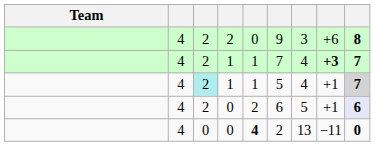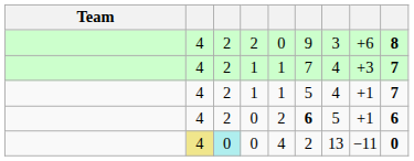 <table class="wikitable" style="text-align: center;">
 <tr>
 <th width="175">Team</th>
 <th width="20"></th>
 <th width="20"></th>
 <th width="20"></th>
 <th width="20"></th>
 <th width="20"></th>
 <th width="20"></th>
 <th width="20"></th>
 <th width="20"><strong></strong></th>
 </tr>
 <tr bgcolor=#ccffcc>
 <td align=left></td>
 <td>4</td>
 <td>2</td>
 <td>2</td>
 <td>0</td>
 <td>9</td>
 <td>3</td>
 <td>+6</td>
 <td><strong>8</strong></td>
 </tr>
 <tr bgcolor=#ccffcc>
 <td align=left></td>
 <td>4</td>
 <td>2</td>
 <td>1</td>
 <td>1</td>
 <td>7</td>
 <td>4</td>
-<td><strong>+3</strong></td>
+<td>+3</td>
 <td><strong>7</strong></td>
 </tr>
 <tr>
 <td align=left></td>
 <td>4</td>
-<td style="background: paleturquoise;">2</td>
+<td>2</td>
 <td>1</td>
 <td>1</td>
 <td>5</td>
 <td>4</td>
 <td>+1</td>
-<td style="background: lightgrey;"><strong>7</strong></td>
+<td><strong>7</strong></td>
 </tr>
 <tr>
 <td align=left></td>
 <td>4</td>
 <td>2</td>
 <td>0</td>
 <td>2</td>
-<td>6</td>
+<td><strong>6</strong></td>
 <td>5</td>
 <td>+1</td>
-<td style="background: lavender;"><strong>6</strong></td>
+<td><strong>6</strong></td>
 </tr>
 <tr>
 <td align=left></td>
+<td style="background: khaki;">4</td>
+<td style="background: paleturquoise;">0</td>
+<td>0</td>
 <td>4</td>
-<td>0</td>
-<td>0</td>
-<td><strong>4</strong></td>
 <td>2</td>
 <td>13</td>
 <td>−11</td>
 <td><strong>0</strong></td>
 </tr>
 </table>
